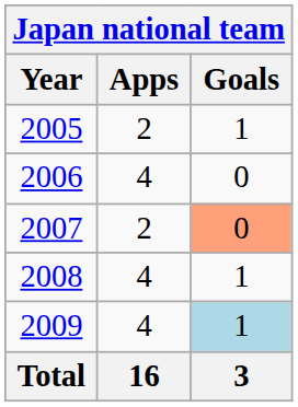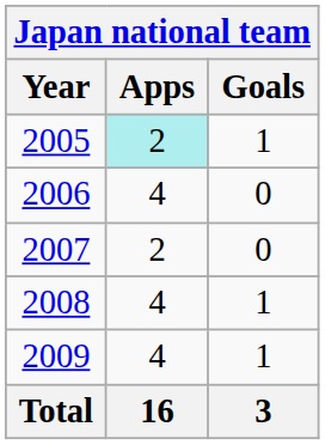 <table class="wikitable" style="text-align:center">
 <tr>
 <th colspan=3><a href='#'>Japan national team</a></th>
 </tr>
 <tr>
 <th>Year</th>
 <th>Apps</th>
 <th>Goals</th>
 </tr>
 <tr>
 <td><a href='#'>2005</a></td>
-<td>2</td>
+<td style="background: paleturquoise;">2</td>
 <td>1</td>
 </tr>
 <tr>
 <td><a href='#'>2006</a></td>
 <td>4</td>
 <td>0</td>
 </tr>
 <tr>
 <td><a href='#'>2007</a></td>
 <td>2</td>
-<td style="background: lightsalmon;">0</td>
+<td>0</td>
 </tr>
 <tr>
 <td><a href='#'>2008</a></td>
 <td>4</td>
 <td>1</td>
 </tr>
 <tr>
 <td><a href='#'>2009</a></td>
 <td>4</td>
-<td style="background: lightblue;">1</td>
+<td>1</td>
 </tr>
 <tr>
 <th>Total</th>
 <th>16</th>
 <th>3</th>
 </tr>
 </table>
